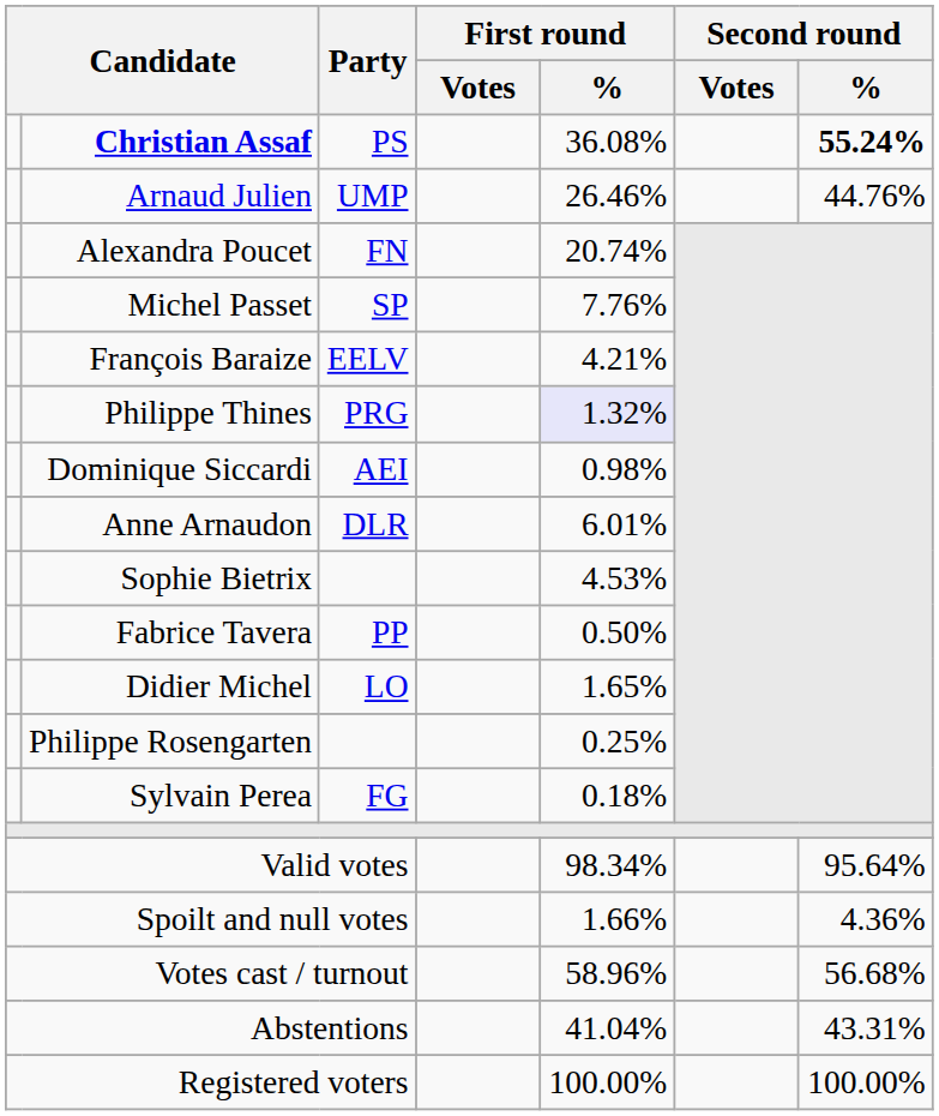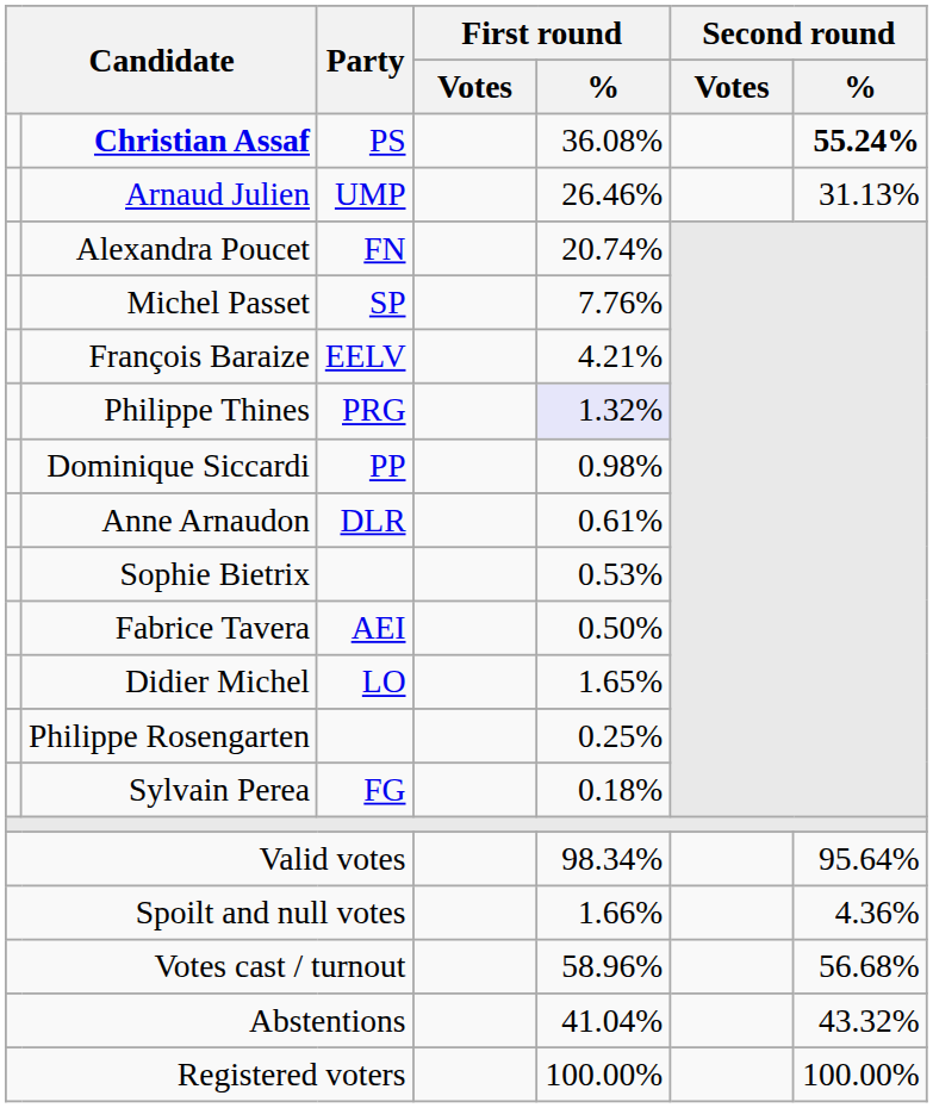 <table class="wikitable" style="text-align:right;font-size:95%;">
 <tr>
 <th rowspan=2 colspan=2>Candidate</th>
 <th rowspan=2 colspan=1>Party</th>
 <th colspan=2>First round</th>
 <th colspan=2>Second round</th>
 </tr>
 <tr>
 <th style="width:50px;">Votes</th>
 <th style="width:55px;">%</th>
 <th style="width:50px;">Votes</th>
 <th style="width:55px;">%</th>
 </tr>
 <tr>
 <td style="color:inherit;background-color:"></td>
 <td><strong><a href='#'>Christian Assaf</a></strong></td>
 <td><a href='#'>PS</a></td>
 <td></td>
 <td>36.08%</td>
 <td><strong></strong></td>
 <td><strong>55.24%</strong></td>
 </tr>
 <tr>
 <td style="color:inherit;background-color:"></td>
 <td><a href='#'>Arnaud Julien</a></td>
 <td><a href='#'>UMP</a></td>
 <td></td>
 <td>26.46%</td>
 <td></td>
-<td>44.76%</td>
+<td>31.13%</td>
 </tr>
 <tr>
 <td style="color:inherit;background-color:"></td>
 <td>Alexandra Poucet</td>
 <td><a href='#'>FN</a></td>
 <td></td>
 <td>20.74%</td>
 <td colspan=7 rowspan=11 style="background-color:#E9E9E9;"></td>
 </tr>
 <tr>
 <td style="color:inherit;background-color:"></td>
 <td>Michel Passet</td>
 <td><a href='#'>SP</a></td>
 <td></td>
 <td>7.76%</td>
 </tr>
 <tr>
 <td style="color:inherit;background-color:"></td>
 <td>François Baraize</td>
 <td><a href='#'>EELV</a></td>
 <td></td>
 <td>4.21%</td>
 </tr>
 <tr>
 <td style="color:inherit;background-color:"></td>
 <td>Philippe Thines</td>
 <td><a href='#'>PRG</a></td>
 <td></td>
 <td style="background: lavender;">1.32%</td>
 </tr>
 <tr>
 <td style="color:inherit;background-color:"></td>
 <td>Dominique Siccardi</td>
-<td><a href='#'>AEI</a></td>
+<td><a href='#'>PP</a></td>
 <td></td>
 <td>0.98%</td>
 </tr>
 <tr>
 <td style="color:inherit;background-color:"></td>
 <td>Anne Arnaudon</td>
 <td><a href='#'>DLR</a></td>
 <td></td>
-<td>6.01%</td>
+<td>0.61%</td>
 </tr>
 <tr>
 <td style="background-color:;"></td>
 <td>Sophie Bietrix</td>
 <td></td>
 <td></td>
-<td>4.53%</td>
+<td>0.53%</td>
 </tr>
 <tr>
 <td style="color:inherit;background-color:"></td>
 <td>Fabrice Tavera</td>
-<td><a href='#'>PP</a></td>
+<td><a href='#'>AEI</a></td>
 <td></td>
 <td>0.50%</td>
 </tr>
 <tr>
 <td style="color:inherit;background-color:"></td>
 <td>Didier Michel</td>
 <td><a href='#'>LO</a></td>
 <td></td>
 <td>1.65%</td>
 </tr>
 <tr>
 <td style="background-color:;"></td>
 <td>Philippe Rosengarten</td>
 <td></td>
 <td></td>
 <td>0.25%</td>
 </tr>
 <tr>
 <td style="color:inherit;background-color:"></td>
 <td>Sylvain Perea</td>
 <td><a href='#'>FG</a></td>
 <td></td>
 <td>0.18%</td>
 </tr>
 <tr>
 <td colspan=7 style="background-color:#E9E9E9;"></td>
 </tr>
 <tr>
 <td colspan=3>Valid votes</td>
 <td></td>
 <td>98.34%</td>
 <td></td>
 <td>95.64%</td>
 </tr>
 <tr>
 <td colspan=3>Spoilt and null votes</td>
 <td></td>
 <td>1.66%</td>
 <td></td>
 <td>4.36%</td>
 </tr>
 <tr>
 <td colspan=3>Votes cast / turnout</td>
 <td></td>
 <td>58.96%</td>
 <td></td>
 <td>56.68%</td>
 </tr>
 <tr>
 <td colspan=3>Abstentions</td>
 <td></td>
 <td>41.04%</td>
 <td></td>
-<td>43.31%</td>
+<td>43.32%</td>
 </tr>
 <tr>
 <td colspan=3>Registered voters</td>
 <td></td>
 <td>100.00%</td>
 <td></td>
 <td>100.00%</td>
 </tr>
 </table>
